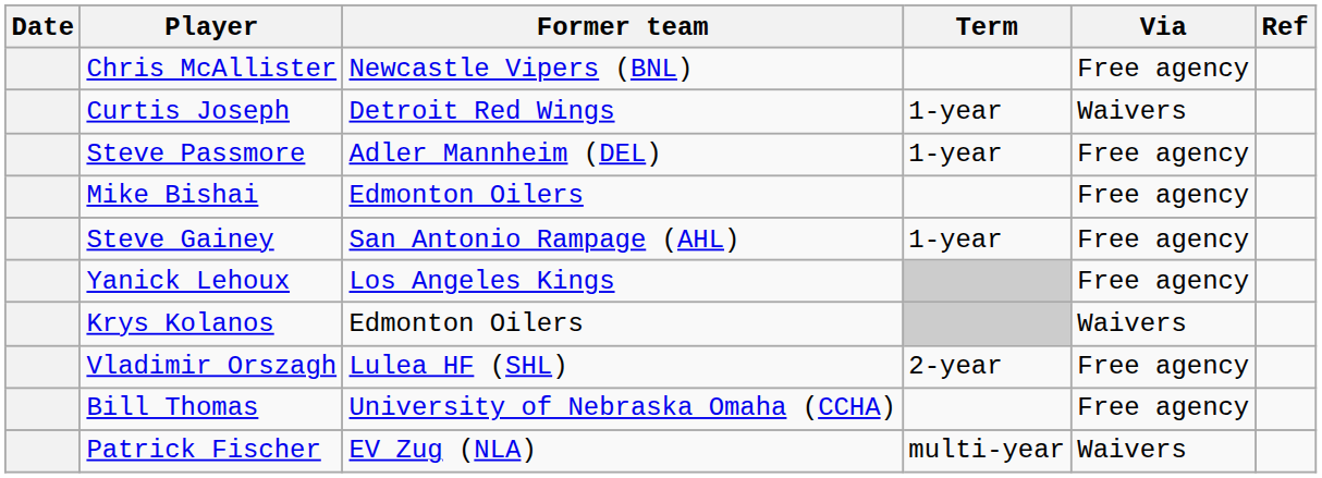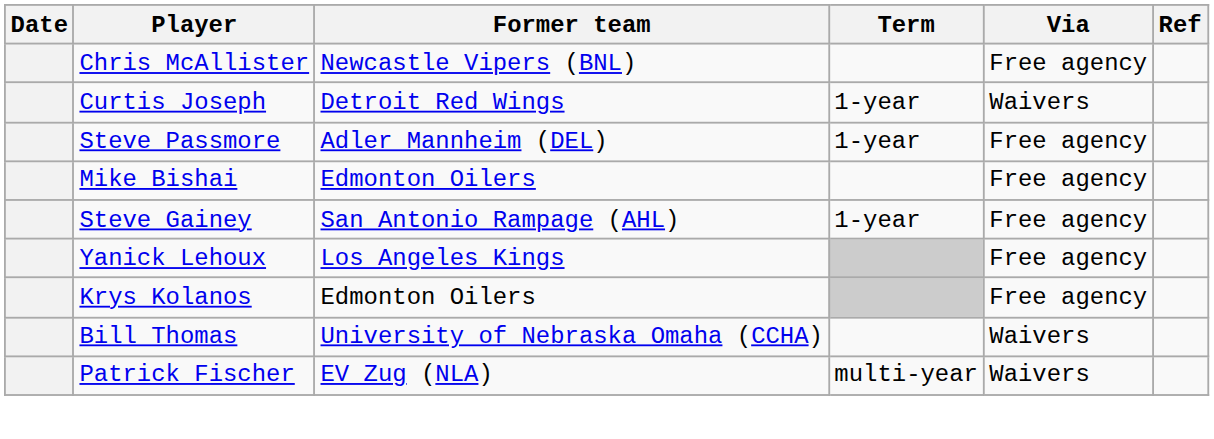 <table class="wikitable plainrowheaders">
 <tr style="background:#ddd; text-align:center;">
 <th>Date</th>
 <th>Player</th>
 <th>Former team</th>
 <th>Term</th>
 <th>Via</th>
 <th>Ref</th>
 </tr>
 <tr>
 <th scope="row"></th>
 <td><a href='#'>Chris McAllister</a></td>
 <td><a href='#'>Newcastle Vipers</a> (<a href='#'>BNL</a>)</td>
 <td></td>
 <td>Free agency</td>
 <td></td>
 </tr>
 <tr>
 <th scope="row"></th>
 <td><a href='#'>Curtis Joseph</a></td>
 <td><a href='#'>Detroit Red Wings</a></td>
 <td>1-year</td>
 <td>Waivers</td>
 <td></td>
 </tr>
 <tr>
 <th scope="row"></th>
 <td><a href='#'>Steve Passmore</a></td>
 <td><a href='#'>Adler Mannheim</a> (<a href='#'>DEL</a>)</td>
 <td>1-year</td>
 <td>Free agency</td>
 <td></td>
 </tr>
 <tr>
 <th scope="row"></th>
 <td><a href='#'>Mike Bishai</a></td>
 <td><a href='#'>Edmonton Oilers</a></td>
 <td></td>
 <td>Free agency</td>
 <td></td>
 </tr>
 <tr>
 <th scope="row"></th>
 <td><a href='#'>Steve Gainey</a></td>
 <td><a href='#'>San Antonio Rampage</a> (<a href='#'>AHL</a>)</td>
 <td>1-year</td>
 <td>Free agency</td>
 <td></td>
 </tr>
 <tr>
 <th scope="row"></th>
 <td><a href='#'>Yanick Lehoux</a></td>
 <td><a href='#'>Los Angeles Kings</a></td>
 <td style="background:#ccc"></td>
 <td>Free agency</td>
 <td></td>
 </tr>
 <tr>
 <th scope="row"></th>
 <td><a href='#'>Krys Kolanos</a></td>
 <td>Edmonton Oilers</td>
 <td style="background:#ccc"></td>
-<td>Waivers</td>
-<td></td>
-</tr>
-<tr>
-<th scope="row"></th>
-<td><a href='#'>Vladimir Orszagh</a></td>
-<td><a href='#'>Lulea HF</a> (<a href='#'>SHL</a>)</td>
-<td>2-year</td>
 <td>Free agency</td>
 <td></td>
 </tr>
 <tr>
 <th scope="row"></th>
 <td><a href='#'>Bill Thomas</a></td>
 <td><a href='#'>University of Nebraska Omaha</a> (<a href='#'>CCHA</a>)</td>
 <td></td>
-<td>Free agency</td>
+<td>Waivers</td>
 <td></td>
 </tr>
 <tr>
 <th scope="row"></th>
 <td><a href='#'>Patrick Fischer</a></td>
 <td><a href='#'>EV Zug</a> (<a href='#'>NLA</a>)</td>
 <td>multi-year</td>
 <td>Waivers</td>
 <td></td>
 </tr>
 </table>
